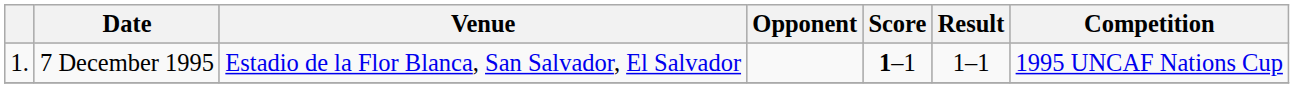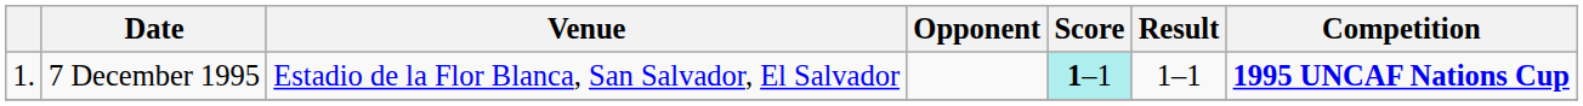 <table class="wikitable">
 <tr>
 <th></th>
 <th>Date</th>
 <th>Venue</th>
 <th>Opponent</th>
 <th>Score</th>
 <th>Result</th>
 <th>Competition</th>
 </tr>
 <tr>
 <td align="center">1.</td>
 <td>7 December 1995</td>
 <td><a href='#'>Estadio de la Flor Blanca</a>, <a href='#'>San Salvador</a>, <a href='#'>El Salvador</a></td>
 <td></td>
-<td align="center"><strong>1</strong>–1</td>
+<td align="center" style="background: paleturquoise;"><strong>1</strong>–1</td>
 <td align="center">1–1</td>
-<td><a href='#'>1995 UNCAF Nations Cup</a></td>
+<td><strong><a href='#'>1995 UNCAF Nations Cup</a></strong></td>
 </tr>
 <tr>
 </tr>
 </table>
